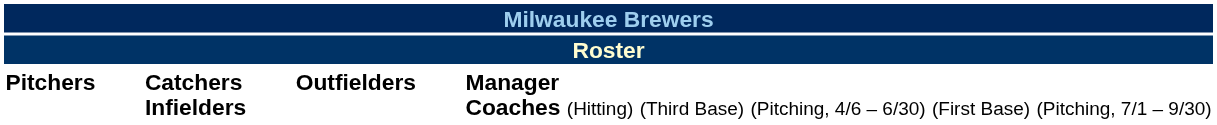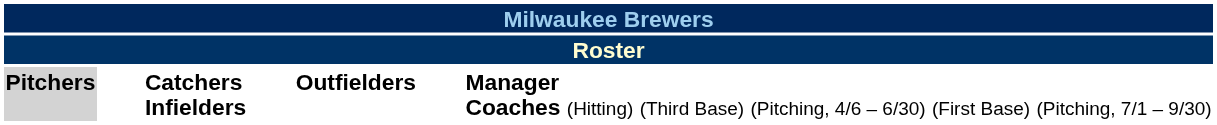 <table class="toccolours" style="font-size: 95%;">
 <tr>
 <th colspan="10" style="background-color: #00285D; color: #9ECEEE; text-align: center;">Milwaukee Brewers</th>
 </tr>
 <tr>
 <td colspan="10" style="background-color: #003366; color: #FFFDD0; text-align: center;"><strong>Roster</strong></td>
 </tr>
 <tr>
-<td valign="top"><strong>Pitchers</strong><br>               </td>
+<td valign="top" style="background: lightgrey;"><strong>Pitchers</strong><br>               </td>
 <td width="25px"></td>
 <td valign="top"><strong>Catchers</strong><br>    <strong>Infielders</strong>       </td>
 <td width="25px"></td>
 <td valign="top"><strong>Outfielders</strong><br>       </td>
 <td width="25px"></td>
 <td valign="top"><strong>Manager</strong><br>  <strong>Coaches</strong>  <small>(Hitting)</small>  <small>(Third Base)</small>  <small>(Pitching, 4/6 – 6/30)</small>  <small>(First Base)</small>  <small>(Pitching, 7/1 – 9/30)</small></td>
 </tr>
 <tr>
 </tr>
 </table>
